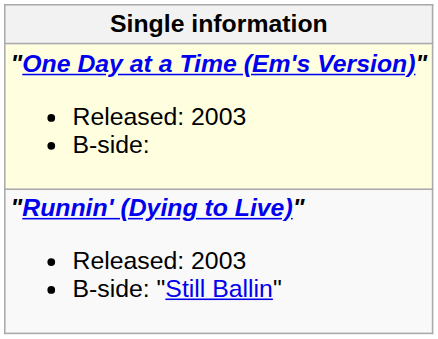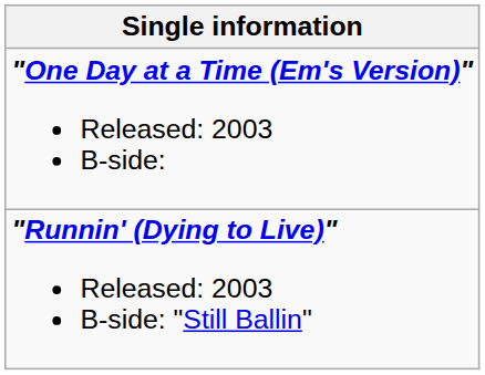 <table class="wikitable">
 <tr>
 <th>Single information</th>
 </tr>
 <tr>
-<td align="left" style="background: lightyellow;"><strong><em>"<a href='#'>One Day at a Time (Em's Version)</a>"</em></strong><br><ul><li>Released: 2003</li><li>B-side:</li></ul></td>
+<td align="left"><strong><em>"<a href='#'>One Day at a Time (Em's Version)</a>"</em></strong><br><ul><li>Released: 2003</li><li>B-side:</li></ul></td>
 </tr>
 <tr>
 <td align="left"><strong><em>"<a href='#'>Runnin' (Dying to Live)</a>"</em></strong><br><ul><li>Released: 2003</li><li>B-side: "<a href='#'>Still Ballin</a>"</li></ul></td>
 </tr>
 </table>
